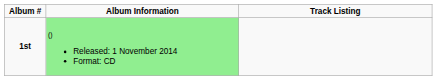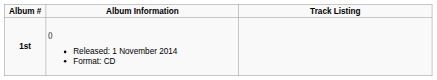 <table class="wikitable" style="font-size: small; text-align: center;">
 <tr style="font-weight:bold">
 <td width="60px">Album #</td>
 <td width="300px">Album Information</td>
 <td width="300px">Track Listing</td>
 </tr>
 <tr>
 <td><strong>1st</strong></td>
-<td style="background: lightgreen; text-align:left"><strong></strong><br><small>()</small><br><ul><li>Released: 1 November 2014</li><li>Format: CD</li></ul></td>
+<td style="text-align:left"><strong></strong><br><small>()</small><br><ul><li>Released: 1 November 2014</li><li>Format: CD</li></ul></td>
 <td style="text-align:left; font-size: 90%;"><br></td>
 </tr>
 </table>
